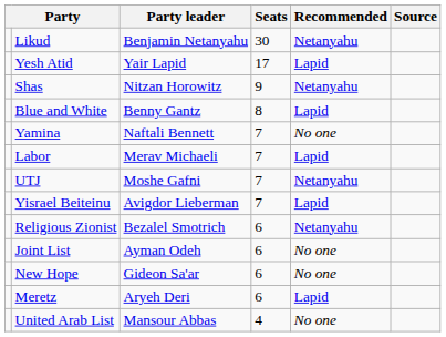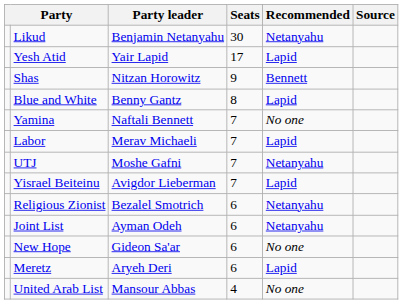 <table class="wikitable sortable">
 <tr>
 <th colspan=2>Party</th>
 <th>Party leader</th>
 <th>Seats</th>
 <th>Recommended</th>
 <th class="unsortable">Source</th>
 </tr>
 <tr>
 <td style="color:inherit;background:"></td>
 <td><a href='#'>Likud</a></td>
 <td><a href='#'>Benjamin Netanyahu</a></td>
 <td>30</td>
 <td><a href='#'>Netanyahu</a></td>
 <td></td>
 </tr>
 <tr>
 <td style="color:inherit;background:"></td>
 <td><a href='#'>Yesh Atid</a></td>
 <td><a href='#'>Yair Lapid</a></td>
 <td>17</td>
 <td><a href='#'>Lapid</a></td>
 <td></td>
 </tr>
 <tr>
 <td style="color:inherit;background:"></td>
 <td><a href='#'>Shas</a></td>
 <td><a href='#'>Nitzan Horowitz</a></td>
 <td>9</td>
-<td><a href='#'>Netanyahu</a></td>
+<td><a href='#'>Bennett</a></td>
 <td></td>
 </tr>
 <tr>
 <td style="color:inherit;background:"></td>
 <td><a href='#'>Blue and White</a></td>
 <td><a href='#'>Benny Gantz</a></td>
 <td>8</td>
 <td><a href='#'>Lapid</a></td>
 <td></td>
 </tr>
 <tr>
 <td style="color:inherit;background:"></td>
 <td><a href='#'>Yamina</a></td>
 <td><a href='#'>Naftali Bennett</a></td>
 <td>7</td>
 <td><em>No one</em></td>
 <td></td>
 </tr>
 <tr>
 <td style="color:inherit;background:"></td>
 <td><a href='#'>Labor</a></td>
 <td><a href='#'>Merav Michaeli</a></td>
 <td>7</td>
 <td><a href='#'>Lapid</a></td>
 <td></td>
 </tr>
 <tr>
 <td style="color:inherit;background:"></td>
 <td><a href='#'>UTJ</a></td>
 <td><a href='#'>Moshe Gafni</a></td>
 <td>7</td>
 <td><a href='#'>Netanyahu</a></td>
 <td></td>
 </tr>
 <tr>
 <td style="color:inherit;background:"></td>
 <td><a href='#'>Yisrael Beiteinu</a></td>
 <td><a href='#'>Avigdor Lieberman</a></td>
 <td>7</td>
 <td><a href='#'>Lapid</a></td>
 <td></td>
 </tr>
 <tr>
 <td style="color:inherit;background:"></td>
 <td><a href='#'>Religious Zionist</a></td>
 <td><a href='#'>Bezalel Smotrich</a></td>
 <td>6</td>
 <td><a href='#'>Netanyahu</a></td>
 <td></td>
 </tr>
 <tr>
 <td style="color:inherit;background:"></td>
 <td><a href='#'>Joint List</a></td>
 <td><a href='#'>Ayman Odeh</a></td>
 <td>6</td>
-<td><em>No one</em></td>
+<td><a href='#'>Netanyahu</a></td>
 <td></td>
 </tr>
 <tr>
 <td style="color:inherit;background:"></td>
 <td><a href='#'>New Hope</a></td>
 <td><a href='#'>Gideon Sa'ar</a></td>
 <td>6</td>
 <td><em>No one</em></td>
 <td></td>
 </tr>
 <tr>
 <td style="color:inherit;background:"></td>
 <td><a href='#'>Meretz</a></td>
 <td><a href='#'>Aryeh Deri</a></td>
 <td>6</td>
 <td><a href='#'>Lapid</a></td>
 <td></td>
 </tr>
 <tr>
 <td style="color:inherit;background:"></td>
 <td><a href='#'>United Arab List</a></td>
 <td><a href='#'>Mansour Abbas</a></td>
 <td>4</td>
 <td><em>No one</em></td>
 <td></td>
 </tr>
 </table>
